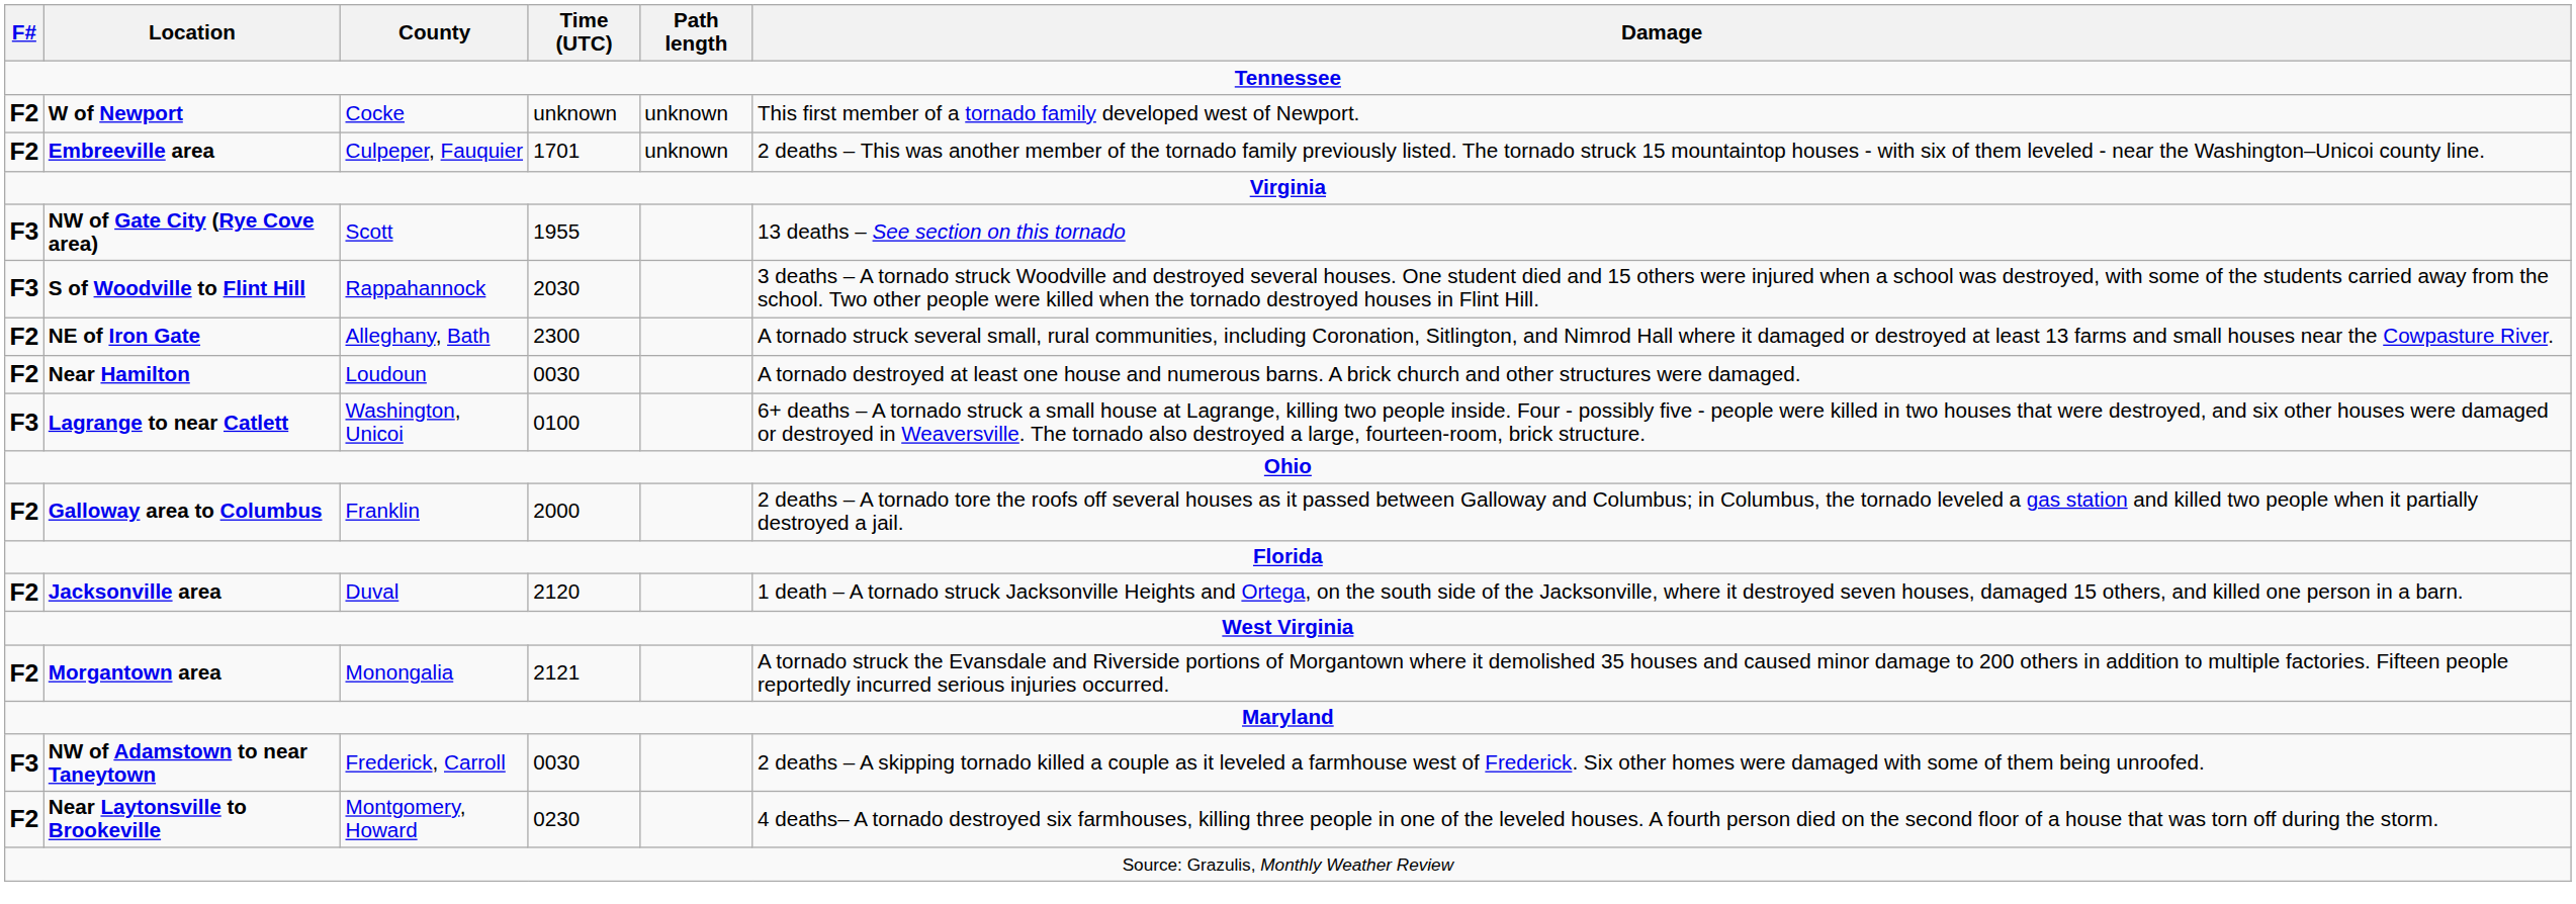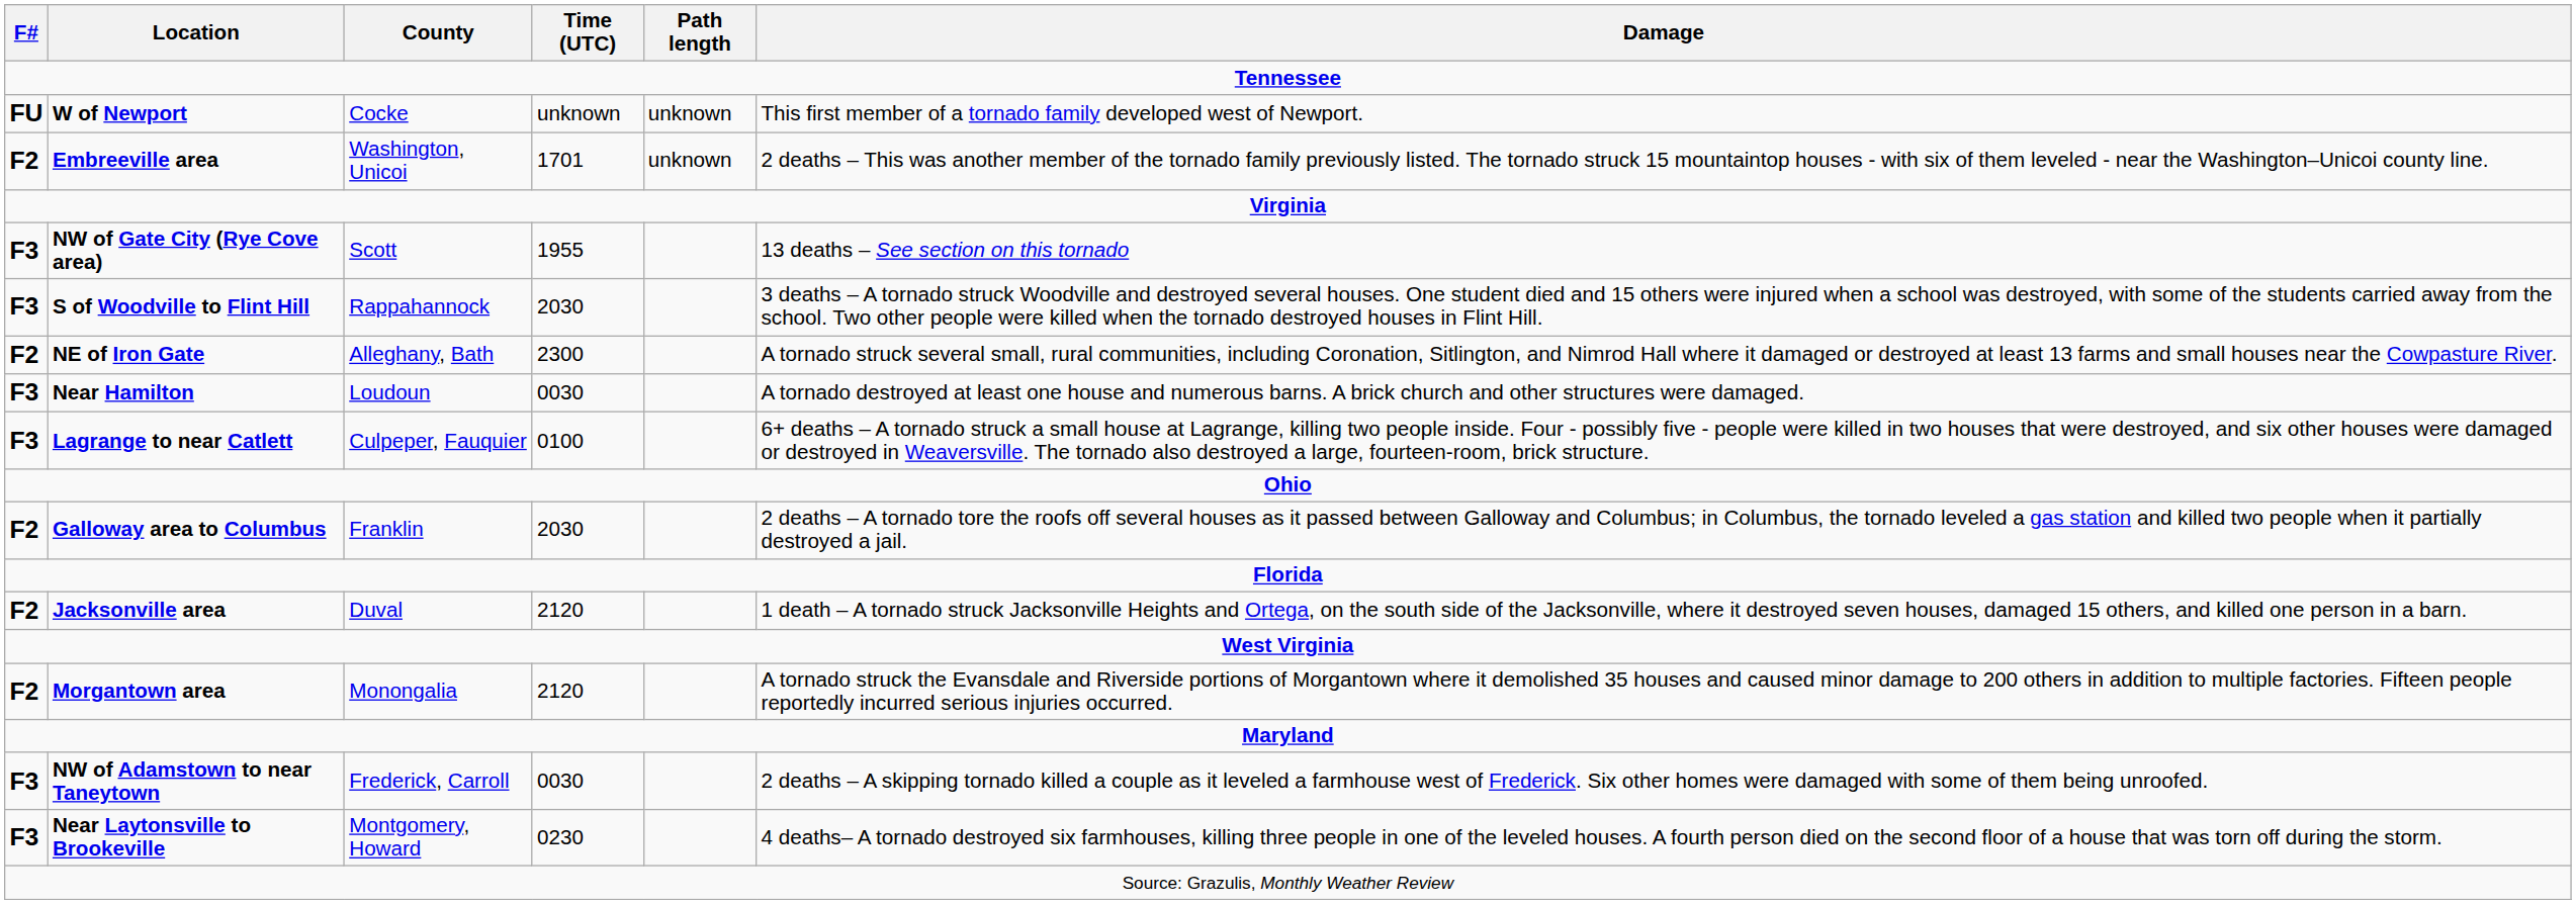 <table class="wikitable">
 <tr>
 <th><strong><a href='#'>F#</a></strong></th>
 <th><strong>Location</strong></th>
 <th><strong>County</strong></th>
 <th><strong>Time (UTC)</strong></th>
 <th><strong>Path length</strong></th>
 <th><strong>Damage</strong></th>
 </tr>
 <tr>
 <td colspan="7" align=center><strong><a href='#'>Tennessee</a></strong></td>
 </tr>
 <tr>
-<td><big><strong>F2</strong></big></td>
+<td bgcolor=><big><strong>FU</strong></big></td>
 <td><strong>W of <a href='#'>Newport</a></strong></td>
 <td><a href='#'>Cocke</a></td>
 <td>unknown</td>
 <td>unknown</td>
 <td>This first member of a <a href='#'>tornado family</a> developed  west of Newport.</td>
 </tr>
 <tr>
 <td><big><strong>F2</strong></big></td>
 <td><strong><a href='#'>Embreeville</a> area</strong></td>
-<td><a href='#'>Culpeper</a>, <a href='#'>Fauquier</a></td>
+<td><a href='#'>Washington</a>, <a href='#'>Unicoi</a></td>
 <td>1701</td>
 <td>unknown</td>
 <td>2 deaths – This was another member of the tornado family previously listed. The tornado struck 15 mountaintop houses - with six of them leveled - near the Washington–Unicoi county line.</td>
 </tr>
 <tr>
 <td colspan="7" style="text-align:center;"><strong><a href='#'>Virginia</a></strong></td>
 </tr>
 <tr>
 <td><big><strong>F3</strong></big></td>
 <td><strong>NW of <a href='#'>Gate City</a> (<a href='#'>Rye Cove</a> area)</strong></td>
 <td><a href='#'>Scott</a></td>
 <td>1955</td>
 <td></td>
 <td>13 deaths – <em><a href='#'>See section on this tornado</a></em></td>
 </tr>
 <tr>
 <td><big><strong>F3</strong></big></td>
 <td><strong>S of <a href='#'>Woodville</a> to <a href='#'>Flint Hill</a></strong></td>
 <td><a href='#'>Rappahannock</a></td>
 <td>2030</td>
 <td></td>
 <td>3 deaths – A tornado struck Woodville and destroyed several houses. One student died and 15 others were injured when a school was destroyed, with some of the students carried  away from the school. Two other people were killed when the tornado destroyed houses in Flint Hill.</td>
 </tr>
 <tr>
 <td><big><strong>F2</strong></big></td>
 <td><strong>NE of <a href='#'>Iron Gate</a></strong></td>
 <td><a href='#'>Alleghany</a>, <a href='#'>Bath</a></td>
 <td>2300</td>
 <td></td>
 <td>A tornado struck several small, rural communities, including Coronation, Sitlington, and Nimrod Hall where it damaged or destroyed at least 13 farms and small houses near the <a href='#'>Cowpasture River</a>.</td>
 </tr>
 <tr>
-<td><big><strong>F2</strong></big></td>
+<td><big><strong>F3</strong></big></td>
 <td><strong>Near <a href='#'>Hamilton</a></strong></td>
 <td><a href='#'>Loudoun</a></td>
 <td>0030</td>
 <td></td>
 <td>A tornado destroyed at least one house and numerous barns. A brick church and other structures were damaged.</td>
 </tr>
 <tr>
 <td><big><strong>F3</strong></big></td>
 <td><strong><a href='#'>Lagrange</a> to near <a href='#'>Catlett</a></strong></td>
-<td><a href='#'>Washington</a>, <a href='#'>Unicoi</a></td>
+<td><a href='#'>Culpeper</a>, <a href='#'>Fauquier</a></td>
 <td>0100</td>
 <td></td>
 <td>6+ deaths – A tornado struck a small house at Lagrange, killing two people inside. Four - possibly five - people were killed in two houses that were destroyed, and six other houses were damaged or destroyed in <a href='#'>Weaversville</a>. The tornado also destroyed a large, fourteen-room,  brick structure.</td>
 </tr>
 <tr>
 <td colspan="7" style="text-align:center;"><strong><a href='#'>Ohio</a></strong></td>
 </tr>
 <tr>
 <td><big><strong>F2</strong></big></td>
 <td><strong><a href='#'>Galloway</a> area to <a href='#'>Columbus</a></strong></td>
 <td><a href='#'>Franklin</a></td>
-<td>2000</td>
+<td>2030</td>
 <td></td>
 <td>2 deaths – A tornado tore the roofs off several houses as it passed between Galloway and Columbus; in Columbus, the tornado leveled a <a href='#'>gas station</a> and killed two people when it partially destroyed a jail.</td>
 </tr>
 <tr>
 <td colspan="7" style="text-align:center;"><strong><a href='#'>Florida</a></strong></td>
 </tr>
 <tr>
 <td><big><strong>F2</strong></big></td>
 <td><strong><a href='#'>Jacksonville</a> area</strong></td>
 <td><a href='#'>Duval</a></td>
 <td>2120</td>
 <td></td>
 <td>1 death – A tornado struck Jacksonville Heights and <a href='#'>Ortega</a>, on the south side of the Jacksonville, where it destroyed seven houses, damaged 15 others, and killed one person in a barn.</td>
 </tr>
 <tr>
 <td colspan="7" style="text-align:center;"><strong><a href='#'>West Virginia</a></strong></td>
 </tr>
 <tr>
 <td><big><strong>F2</strong></big></td>
 <td><strong><a href='#'>Morgantown</a> area</strong></td>
 <td><a href='#'>Monongalia</a></td>
-<td>2121</td>
+<td>2120</td>
 <td></td>
 <td>A tornado struck the Evansdale and Riverside portions of Morgantown where it demolished 35 houses and caused minor damage to 200 others in addition to multiple factories. Fifteen people reportedly incurred serious injuries occurred.</td>
 </tr>
 <tr>
 <td colspan="7" style="text-align:center;"><strong><a href='#'>Maryland</a></strong></td>
 </tr>
 <tr>
 <td><big><strong>F3</strong></big></td>
 <td><strong>NW of <a href='#'>Adamstown</a> to near <a href='#'>Taneytown</a></strong></td>
 <td><a href='#'>Frederick</a>, <a href='#'>Carroll</a></td>
 <td>0030</td>
 <td></td>
 <td>2 deaths – A skipping tornado killed a couple as it leveled a farmhouse  west of <a href='#'>Frederick</a>. Six other homes were damaged with some of them being unroofed.</td>
 </tr>
 <tr>
-<td><big><strong>F2</strong></big></td>
+<td><big><strong>F3</strong></big></td>
 <td><strong>Near <a href='#'>Laytonsville</a> to <a href='#'>Brookeville</a></strong></td>
 <td><a href='#'>Montgomery</a>, <a href='#'>Howard</a></td>
 <td>0230</td>
 <td></td>
 <td>4 deaths– A tornado destroyed six farmhouses, killing three people in one of the leveled houses. A fourth person died on the second floor of a house that was torn off during the storm.</td>
 </tr>
 <tr>
 <td colspan="7" align=center><small>Source: Grazulis, <em>Monthly Weather Review</em></small></td>
 </tr>
 <tr>
 </tr>
 </table>
